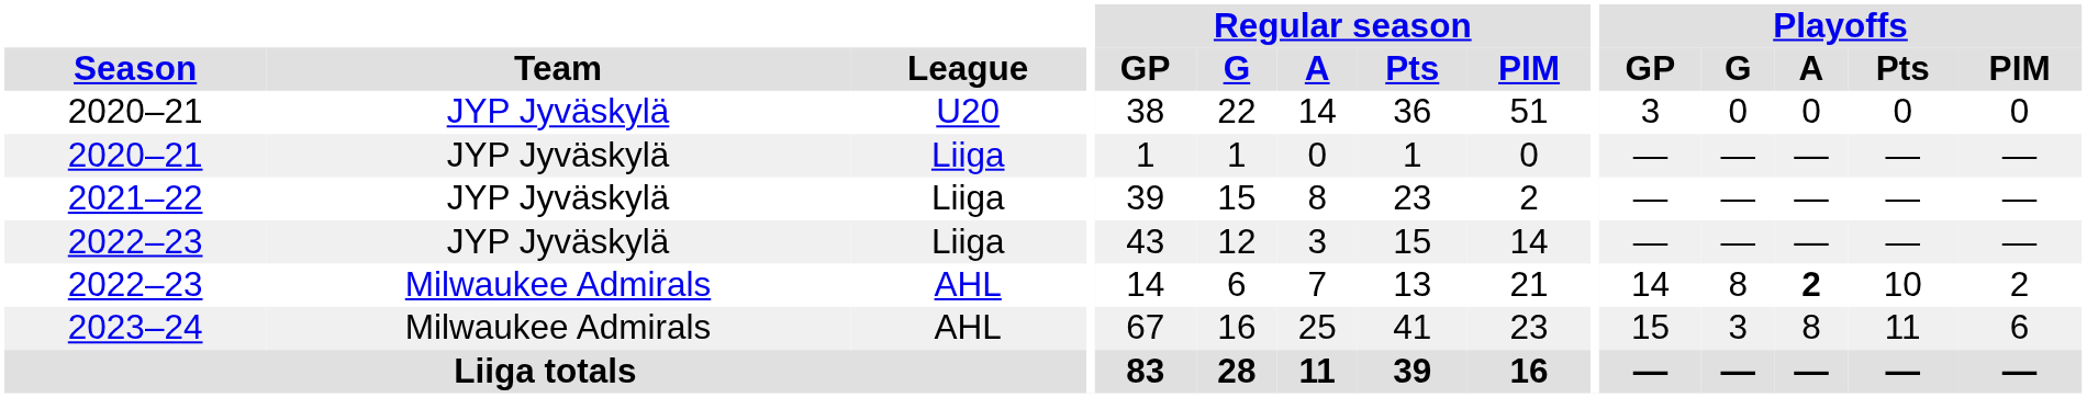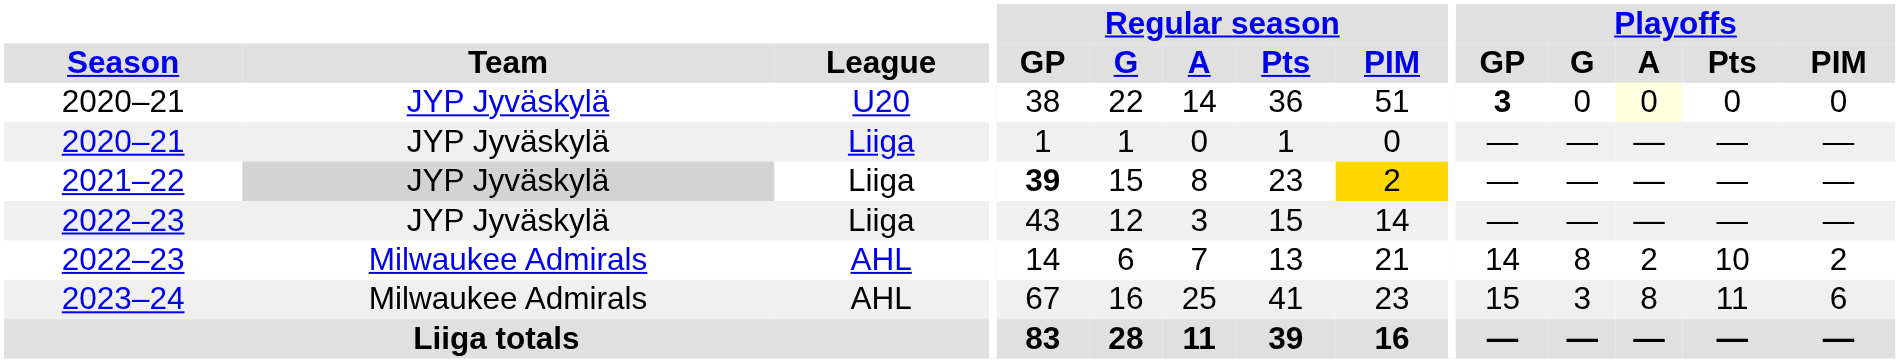 <table border="0" cellpadding="1" cellspacing="0" style="text-align:center; width:60em">
 <tr bgcolor="#e0e0e0">
 <th colspan="3" bgcolor="#ffffff"></th>
 <th rowspan="99" bgcolor="#ffffff"></th>
 <th colspan="5"><a href='#'>Regular season</a></th>
 <th rowspan="99" bgcolor="#ffffff"></th>
 <th colspan="5"><a href='#'>Playoffs</a></th>
 </tr>
 <tr bgcolor="#e0e0e0">
 <th><a href='#'>Season</a></th>
 <th>Team</th>
 <th>League</th>
 <th>GP</th>
 <th><a href='#'>G</a></th>
 <th><a href='#'>A</a></th>
 <th><a href='#'>Pts</a></th>
 <th><a href='#'>PIM</a></th>
 <th>GP</th>
 <th>G</th>
 <th>A</th>
 <th>Pts</th>
 <th>PIM</th>
 </tr>
 <tr>
 <td>2020–21</td>
 <td><a href='#'>JYP Jyväskylä</a></td>
 <td><a href='#'>U20</a></td>
 <td>38</td>
 <td>22</td>
 <td>14</td>
 <td>36</td>
 <td>51</td>
-<td>3</td>
+<td><strong>3</strong></td>
 <td>0</td>
-<td>0</td>
+<td style="background: lightyellow;">0</td>
 <td>0</td>
 <td>0</td>
 </tr>
 <tr bgcolor="#f0f0f0">
 <td><a href='#'>2020–21</a></td>
 <td>JYP Jyväskylä</td>
 <td><a href='#'>Liiga</a></td>
 <td>1</td>
 <td>1</td>
 <td>0</td>
 <td>1</td>
 <td>0</td>
 <td>—</td>
 <td>—</td>
 <td>—</td>
 <td>—</td>
 <td>—</td>
 </tr>
 <tr>
 <td><a href='#'>2021–22</a></td>
-<td>JYP Jyväskylä</td>
+<td style="background: lightgrey;">JYP Jyväskylä</td>
 <td>Liiga</td>
-<td>39</td>
+<td><strong>39</strong></td>
 <td>15</td>
 <td>8</td>
 <td>23</td>
-<td>2</td>
+<td style="background: gold;">2</td>
 <td>—</td>
 <td>—</td>
 <td>—</td>
 <td>—</td>
 <td>—</td>
 </tr>
 <tr bgcolor="#f0f0f0">
 <td><a href='#'>2022–23</a></td>
 <td>JYP Jyväskylä</td>
 <td>Liiga</td>
 <td>43</td>
 <td>12</td>
 <td>3</td>
 <td>15</td>
 <td>14</td>
 <td>—</td>
 <td>—</td>
 <td>—</td>
 <td>—</td>
 <td>—</td>
 </tr>
 <tr>
 <td><a href='#'>2022–23</a></td>
 <td><a href='#'>Milwaukee Admirals</a></td>
 <td><a href='#'>AHL</a></td>
 <td>14</td>
 <td>6</td>
 <td>7</td>
 <td>13</td>
 <td>21</td>
 <td>14</td>
 <td>8</td>
-<td><strong>2</strong></td>
+<td>2</td>
 <td>10</td>
 <td>2</td>
 </tr>
 <tr bgcolor="#f0f0f0">
 <td><a href='#'>2023–24</a></td>
 <td>Milwaukee Admirals</td>
 <td>AHL</td>
 <td>67</td>
 <td>16</td>
 <td>25</td>
 <td>41</td>
 <td>23</td>
 <td>15</td>
 <td>3</td>
 <td>8</td>
 <td>11</td>
 <td>6</td>
 </tr>
 <tr bgcolor="#e0e0e0">
 <th colspan="3">Liiga totals</th>
 <th>83</th>
 <th>28</th>
 <th>11</th>
 <th>39</th>
 <th>16</th>
 <th>—</th>
 <th>—</th>
 <th>—</th>
 <th>—</th>
 <th>—</th>
 </tr>
 </table>
